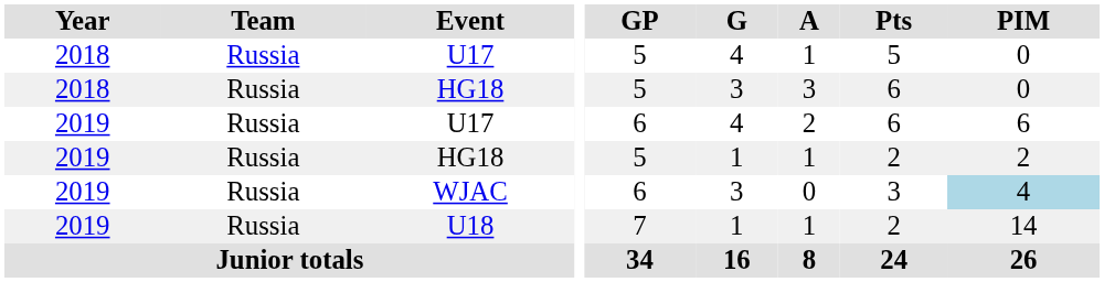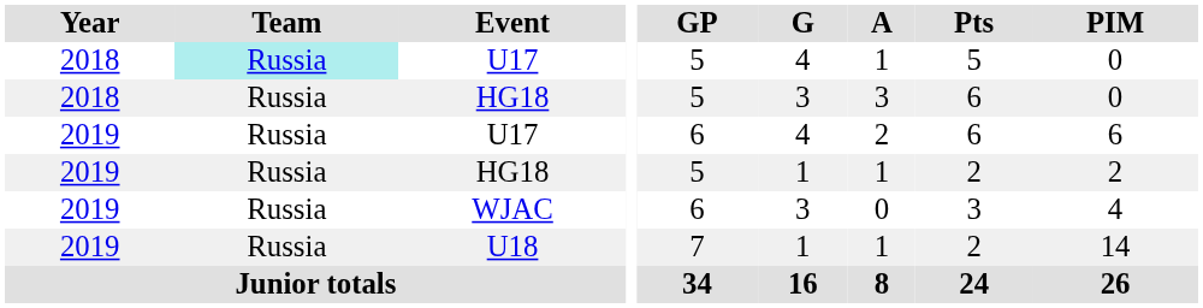 <table border="0" cellpadding="1" cellspacing="0" ID="Table3" style="text-align:center; width:40em">
 <tr bgcolor="#e0e0e0">
 <th>Year</th>
 <th>Team</th>
 <th>Event</th>
 <th rowspan="102" bgcolor="#ffffff"></th>
 <th>GP</th>
 <th>G</th>
 <th>A</th>
 <th>Pts</th>
 <th>PIM</th>
 </tr>
 <tr>
 <td><a href='#'>2018</a></td>
-<td><a href='#'>Russia</a></td>
+<td style="background: paleturquoise;"><a href='#'>Russia</a></td>
 <td><a href='#'>U17</a></td>
 <td>5</td>
 <td>4</td>
 <td>1</td>
 <td>5</td>
 <td>0</td>
 </tr>
 <tr bgcolor="#f0f0f0">
 <td><a href='#'>2018</a></td>
 <td>Russia</td>
 <td><a href='#'>HG18</a></td>
 <td>5</td>
 <td>3</td>
 <td>3</td>
 <td>6</td>
 <td>0</td>
 </tr>
 <tr>
 <td><a href='#'>2019</a></td>
 <td>Russia</td>
 <td>U17</td>
 <td>6</td>
 <td>4</td>
 <td>2</td>
 <td>6</td>
 <td>6</td>
 </tr>
 <tr bgcolor="#f0f0f0">
 <td><a href='#'>2019</a></td>
 <td>Russia</td>
 <td>HG18</td>
 <td>5</td>
 <td>1</td>
 <td>1</td>
 <td>2</td>
 <td>2</td>
 </tr>
 <tr>
 <td><a href='#'>2019</a></td>
 <td>Russia</td>
 <td><a href='#'>WJAC</a></td>
 <td>6</td>
 <td>3</td>
 <td>0</td>
 <td>3</td>
-<td style="background: lightblue;">4</td>
+<td>4</td>
 </tr>
 <tr bgcolor="#f0f0f0">
 <td><a href='#'>2019</a></td>
 <td>Russia</td>
 <td><a href='#'>U18</a></td>
 <td>7</td>
 <td>1</td>
 <td>1</td>
 <td>2</td>
 <td>14</td>
 </tr>
 <tr bgcolor="#e0e0e0">
 <th colspan="3">Junior totals</th>
 <th>34</th>
 <th>16</th>
 <th>8</th>
 <th>24</th>
 <th>26</th>
 </tr>
 </table>
